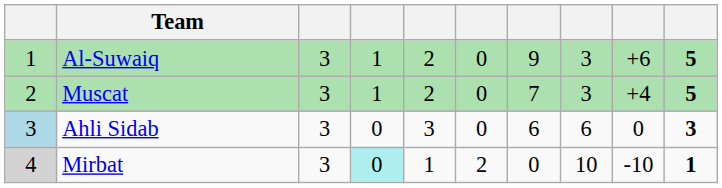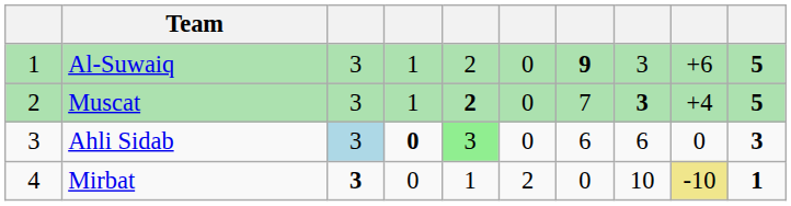 <table class="wikitable" style="text-align: center;">
 <tr>
 <th width=30></th>
 <th width=165>Team</th>
 <th width=30></th>
 <th width=30></th>
 <th width=30></th>
 <th width=30></th>
 <th width=30></th>
 <th width=30></th>
 <th width=30></th>
 <th width=30></th>
 </tr>
 <tr bgcolor=#ACE1AF>
 <td>1</td>
 <td align=left><a href='#'>Al-Suwaiq</a></td>
 <td>3</td>
 <td>1</td>
 <td>2</td>
 <td>0</td>
-<td>9</td>
+<td><strong>9</strong></td>
 <td>3</td>
 <td>+6</td>
 <td><strong>5</strong></td>
 </tr>
 <tr bgcolor=#ACE1AF>
 <td>2</td>
 <td align=left><a href='#'>Muscat</a></td>
 <td>3</td>
 <td>1</td>
-<td>2</td>
+<td><strong>2</strong></td>
 <td>0</td>
 <td>7</td>
-<td>3</td>
+<td><strong>3</strong></td>
 <td>+4</td>
 <td><strong>5</strong></td>
 </tr>
 <tr>
+<td>3</td>
+<td align=left><a href='#'>Ahli Sidab</a></td>
 <td style="background: lightblue;">3</td>
-<td align=left><a href='#'>Ahli Sidab</a></td>
-<td>3</td>
-<td>0</td>
-<td>3</td>
+<td><strong>0</strong></td>
+<td style="background: lightgreen;">3</td>
 <td>0</td>
 <td>6</td>
 <td>6</td>
 <td>0</td>
 <td><strong>3</strong></td>
 </tr>
 <tr>
-<td style="background: lightgrey;">4</td>
+<td>4</td>
 <td align=left><a href='#'>Mirbat</a></td>
-<td>3</td>
-<td style="background: paleturquoise;">0</td>
+<td><strong>3</strong></td>
+<td>0</td>
 <td>1</td>
 <td>2</td>
 <td>0</td>
 <td>10</td>
-<td>-10</td>
+<td style="background: khaki;">-10</td>
 <td><strong>1</strong></td>
 </tr>
 </table>
